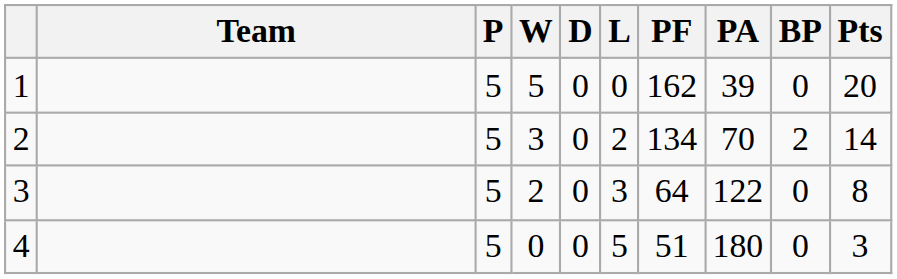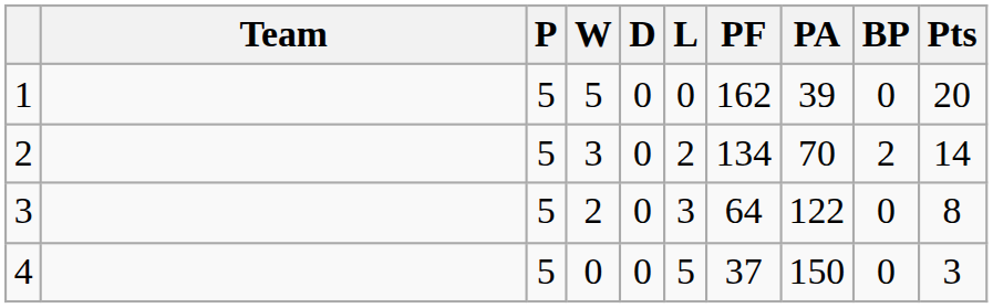 <table class="wikitable" style="text-align:center;">
 <tr>
 <th></th>
 <th width="200px">Team</th>
 <th>P</th>
 <th>W</th>
 <th>D</th>
 <th>L</th>
 <th>PF</th>
 <th>PA</th>
 <th>BP</th>
 <th>Pts</th>
 </tr>
 <tr>
 <td>1</td>
 <td></td>
 <td>5</td>
 <td>5</td>
 <td>0</td>
 <td>0</td>
 <td>162</td>
 <td>39</td>
 <td>0</td>
 <td>20</td>
 </tr>
 <tr>
 <td>2</td>
 <td></td>
 <td>5</td>
 <td>3</td>
 <td>0</td>
 <td>2</td>
 <td>134</td>
 <td>70</td>
 <td>2</td>
 <td>14</td>
 </tr>
 <tr>
 <td>3</td>
 <td></td>
 <td>5</td>
 <td>2</td>
 <td>0</td>
 <td>3</td>
 <td>64</td>
 <td>122</td>
 <td>0</td>
 <td>8</td>
 </tr>
 <tr>
 <td>4</td>
 <td></td>
 <td>5</td>
 <td>0</td>
 <td>0</td>
 <td>5</td>
-<td>51</td>
-<td>180</td>
+<td>37</td>
+<td>150</td>
 <td>0</td>
 <td>3</td>
 </tr>
 </table>
